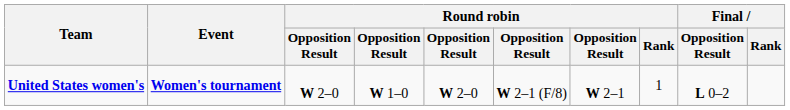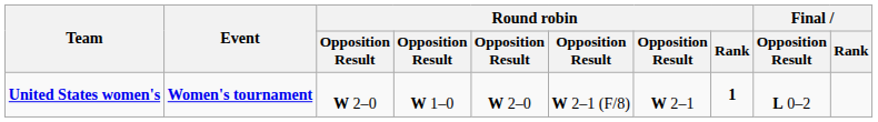 <table class=wikitable style=font-size:90%>
 <tr>
 <th rowspan=2>Team</th>
 <th rowspan=2>Event</th>
 <th colspan=6>Round robin</th>
 <th colspan=2>Final / </th>
 </tr>
 <tr style=font-size:95%>
 <th>Opposition<br>Result</th>
 <th>Opposition<br>Result</th>
 <th>Opposition<br>Result</th>
 <th>Opposition<br>Result</th>
 <th>Opposition<br>Result</th>
 <th>Rank</th>
 <th>Opposition<br>Result</th>
 <th>Rank</th>
 </tr>
 <tr align=center>
 <td align=left><strong><a href='#'>United States women's</a></strong></td>
 <td align=left><strong><a href='#'>Women's tournament</a></strong></td>
 <td><br><strong>W</strong> 2–0</td>
 <td><br><strong>W</strong> 1–0</td>
 <td><br><strong>W</strong> 2–0</td>
 <td><br><strong>W</strong> 2–1 (F/8)</td>
 <td><br><strong>W</strong> 2–1</td>
-<td>1</td>
+<td><strong>1</strong></td>
 <td><br><strong>L</strong> 0–2</td>
 <td></td>
 </tr>
 </table>
